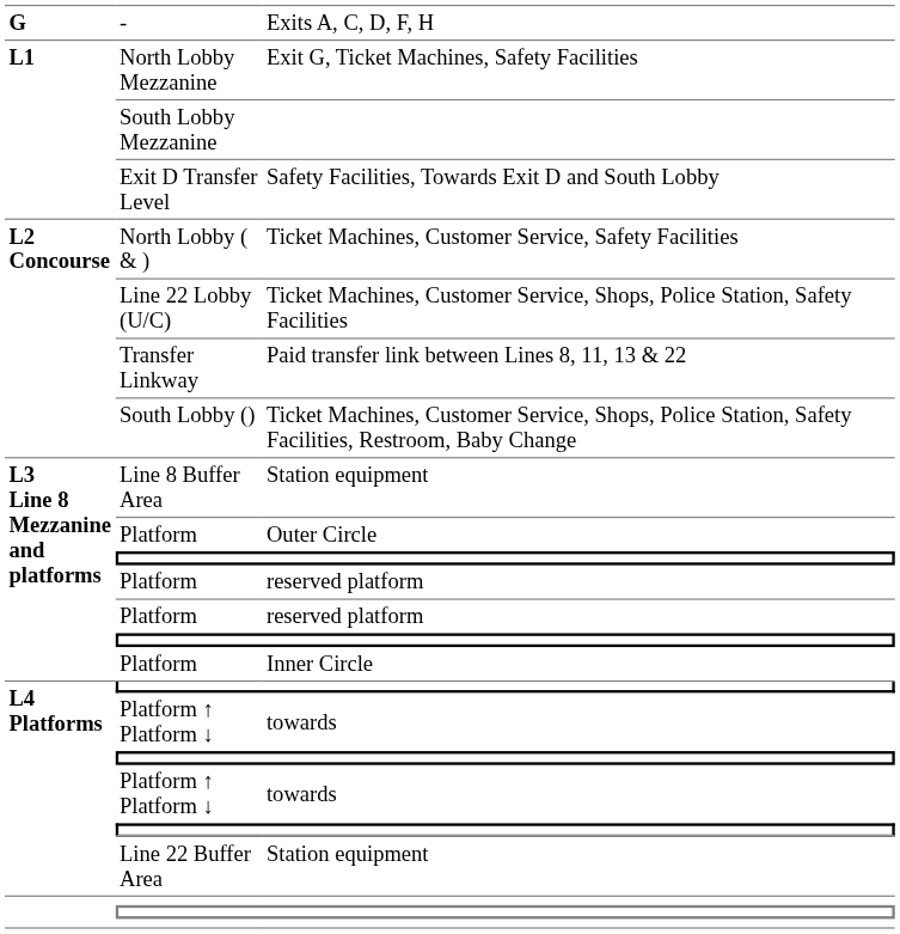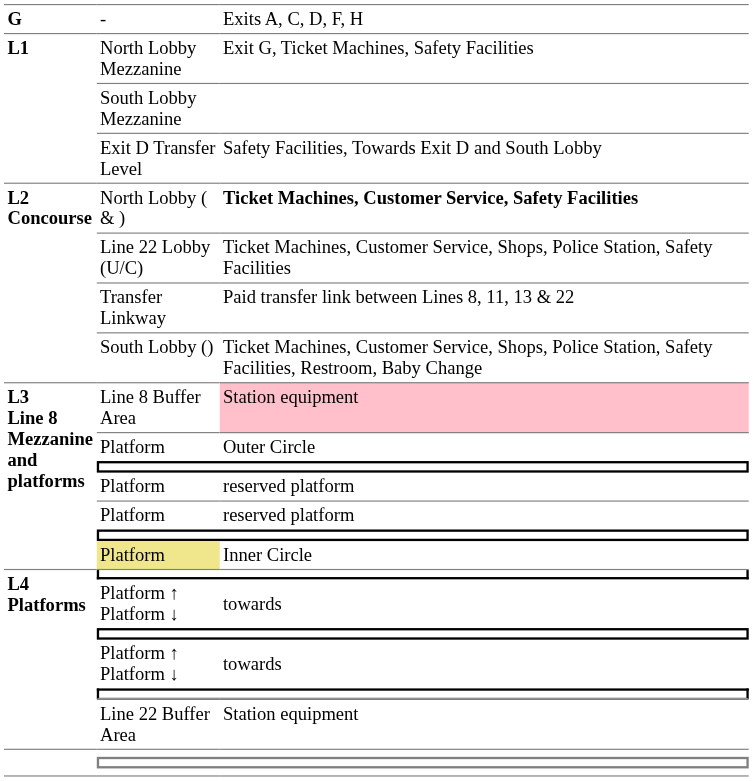 <table table border=0 cellspacing=0 cellpadding=3>
 <tr>
 <td style="border-top:solid 1px gray;" width=50 valign=top><strong>G</strong></td>
 <td style="border-top:solid 1px gray;" width=100 valign=top>-</td>
 <td style="border-top:solid 1px gray;" width=450 valign=top>Exits A, C, D, F, H</td>
 </tr>
 <tr>
 <td style="border-top:solid 1px gray;" width=50 valign=top rowspan=3><strong>L1</strong></td>
 <td style="border-top:solid 1px gray;" valign=top>North Lobby Mezzanine</td>
 <td style="border-top:solid 1px gray;" valign=top>Exit G, Ticket Machines, Safety Facilities</td>
 </tr>
 <tr>
 <td style="border-top:solid 1px gray;" valign=top>South Lobby Mezzanine</td>
 <td style="border-top:solid 1px gray;" valign=top></td>
 </tr>
 <tr>
 <td style="border-top:solid 1px gray;" valign=top>Exit D Transfer Level</td>
 <td style="border-top:solid 1px gray;" valign=top>Safety Facilities, Towards Exit D and South Lobby</td>
 </tr>
 <tr>
 <td style="border-top:solid 1px gray;" width=50 valign=top rowspan=4><strong>L2<br>Concourse</strong></td>
 <td style="border-top:solid 1px gray;" valign=top>North Lobby ( & )</td>
-<td style="border-top:solid 1px gray;" valign=top>Ticket Machines, Customer Service, Safety Facilities</td>
+<td style="border-top:solid 1px gray;" valign=top><strong>Ticket Machines, Customer Service, Safety Facilities</strong></td>
 </tr>
 <tr>
 <td style="border-top:solid 1px gray;" valign=top>Line 22 Lobby (U/C)</td>
 <td style="border-top:solid 1px gray;" valign=top>Ticket Machines, Customer Service, Shops, Police Station, Safety Facilities</td>
 </tr>
 <tr>
 <td style="border-top:solid 1px gray;" valign=top>Transfer Linkway</td>
 <td style="border-top:solid 1px gray;" valign=top>Paid transfer link between Lines 8, 11, 13 & 22</td>
 </tr>
 <tr>
 <td style="border-top:solid 1px gray;" valign=top>South Lobby ()</td>
 <td style="border-top:solid 1px gray;" valign=top>Ticket Machines, Customer Service, Shops, Police Station, Safety Facilities, Restroom, Baby Change</td>
 </tr>
 <tr>
 <td style="border-bottom:solid 1px gray; border-top:solid 1px gray;" valign=top rowspan=8><strong>L3<br>Line 8 Mezzanine<br> and  platforms</strong></td>
 </tr>
 <tr>
 <td style="border-bottom:solid 1px gray; border-top:solid 1px gray;" valign=top>Line 8 Buffer Area</td>
-<td style="border-bottom:solid 1px gray; border-top:solid 1px gray;" valign=top>Station equipment</td>
+<td style="background: pink; border-bottom:solid 1px gray; border-top:solid 1px gray;" valign=top>Station equipment</td>
 </tr>
 <tr>
 <td>Platform </td>
 <td>  Outer Circle </td>
 </tr>
 <tr>
 <td style="border-right:solid 2px black;border-left:solid 2px black;border-top:solid 2px black;border-bottom:solid 2px black;text-align:center;" colspan=2></td>
 </tr>
 <tr>
 <td style="border-bottom:solid 1px gray;">Platform </td>
 <td style="border-bottom:solid 1px gray;"> reserved platform</td>
 </tr>
 <tr>
 <td>Platform </td>
 <td> reserved platform</td>
 </tr>
 <tr>
 <td style="border-right:solid 2px black;border-left:solid 2px black;border-top:solid 2px black;border-bottom:solid 2px black;text-align:center;" colspan=2></td>
 </tr>
 <tr>
-<td style="border-bottom: solid 1px gray;">Platform </td>
+<td style="background: khaki; border-bottom: solid 1px gray;">Platform </td>
 <td style="border-bottom: solid 1px gray;"> Inner Circle  </td>
 </tr>
 <tr>
 <td style="border-bottom:solid 1px gray;" rowspan=7 valign=top><strong>L4<br> Platforms<br></strong></td>
 </tr>
 <tr>
 <td style="border-right:solid 2px black;border-left:solid 2px black;border-bottom:solid 2px black;text-align:center;" colspan=2></td>
 </tr>
 <tr>
 <td>Platform  ↑<br>Platform  ↓</td>
 <td>  towards  </td>
 </tr>
 <tr>
 <td style="border-right:solid 2px black;border-left:solid 2px black;border-top:solid 2px black;border-bottom:solid 2px black;text-align:center;" colspan=2></td>
 </tr>
 <tr>
 <td>Platform  ↑<br>Platform  ↓</td>
 <td><span></span>  towards   </td>
 </tr>
 <tr>
 <td style="border-top:solid 2px black;border-right:solid 2px black;border-left:solid 2px black;border-bottom:solid 1px gray;text-align:center;" colspan=2></td>
 </tr>
 <tr>
 <td style="border-bottom:solid 1px gray; border-top:solid 1px gray;" valign=top width=100>Line 22 Buffer Area</td>
 <td style="border-bottom:solid 1px gray; border-top:solid 1px gray;" valign=top width=390>Station equipment</td>
 </tr>
 <tr>
 <td style="border-bottom:solid 1px gray;" rowspan=3 valign=top><strong></strong></td>
 <td></td>
 <td></td>
 </tr>
 <tr>
 <td style="border-right:solid 2px gray;border-left:solid 2px gray;border-top:solid 2px gray;border-bottom:solid 2px gray;text-align:center;" colspan=2></td>
 </tr>
 <tr>
 <td style="border-bottom:solid 1px gray;"></td>
 <td style="border-bottom:solid 1px gray;"></td>
 </tr>
 </table>
